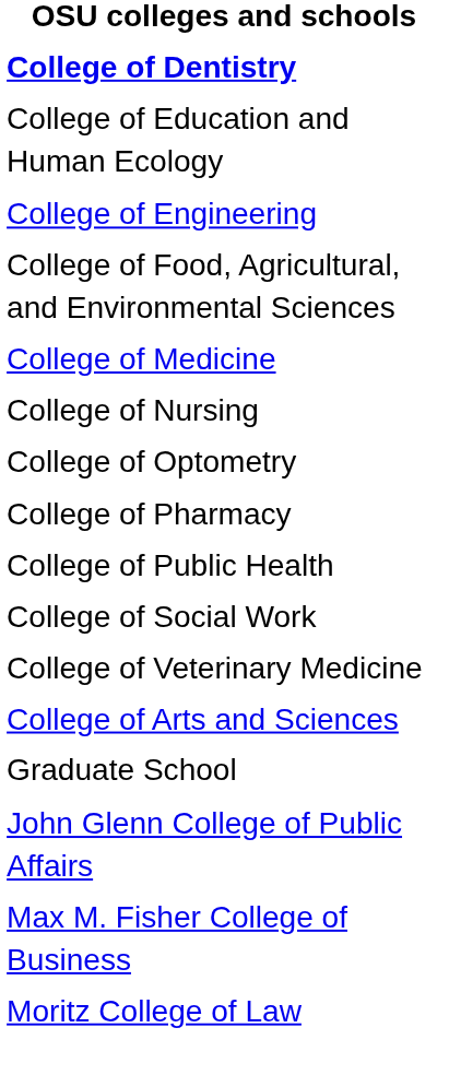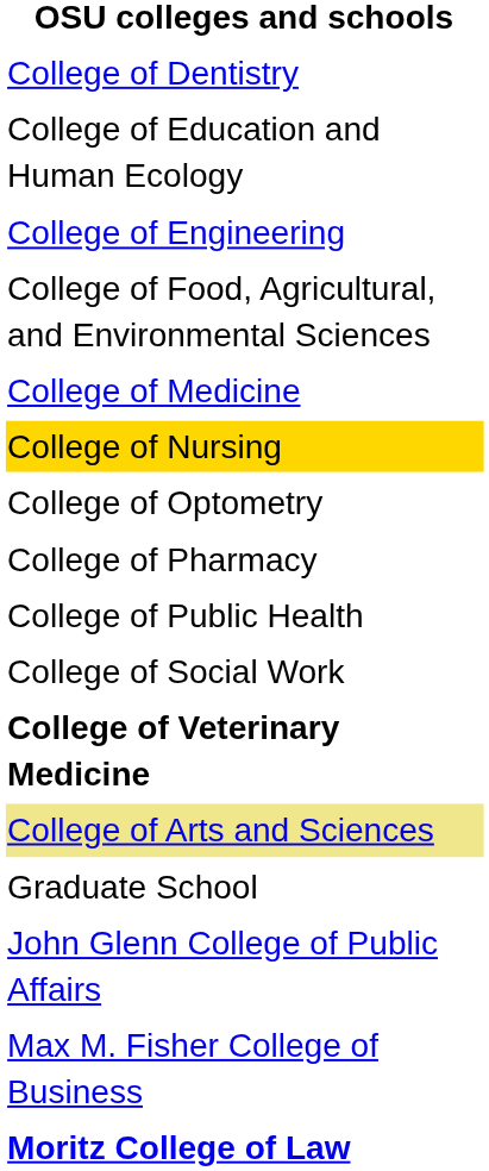 <table class="toccolours"  style="float:right; margin-right:1em; font-size:90%; line-height:1.4em; width:210px;">
 <tr>
 <th colspan="2" style="text-align: center;">OSU colleges and schools</th>
 </tr>
 <tr>
-<td><strong><a href='#'>College of Dentistry</a></strong></td>
+<td><a href='#'>College of Dentistry</a></td>
 </tr>
 <tr>
 <td>College of Education and Human Ecology</td>
 </tr>
 <tr>
 <td><a href='#'>College of Engineering</a></td>
 </tr>
 <tr>
 <td>College of Food, Agricultural, and Environmental Sciences</td>
 </tr>
 <tr>
 <td><a href='#'>College of Medicine</a></td>
 </tr>
 <tr>
-<td>College of Nursing</td>
+<td style="background: gold;">College of Nursing</td>
 </tr>
 <tr>
 <td>College of Optometry</td>
 </tr>
 <tr>
 <td>College of Pharmacy</td>
 </tr>
 <tr>
 <td>College of Public Health</td>
 </tr>
 <tr>
 <td>College of Social Work</td>
 </tr>
 <tr>
-<td>College of Veterinary Medicine</td>
+<td><strong>College of Veterinary Medicine</strong></td>
 </tr>
 <tr>
-<td><a href='#'>College of Arts and Sciences</a></td>
+<td style="background: khaki;"><a href='#'>College of Arts and Sciences</a></td>
 </tr>
 <tr>
 <td>Graduate School</td>
 </tr>
 <tr>
 <td><a href='#'>John Glenn College of Public Affairs</a></td>
 </tr>
 <tr>
 <td><a href='#'>Max M. Fisher College of Business</a></td>
 </tr>
 <tr>
-<td><a href='#'>Moritz College of Law</a></td>
+<td><strong><a href='#'>Moritz College of Law</a></strong></td>
 </tr>
 </table>
